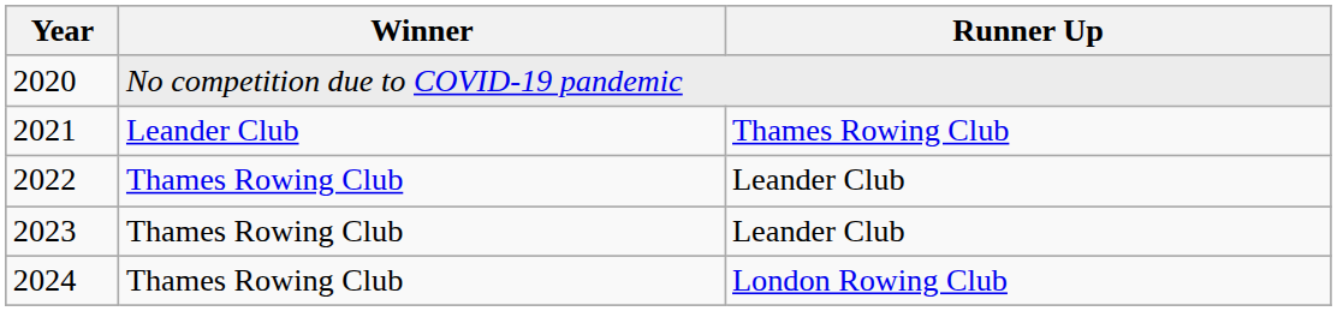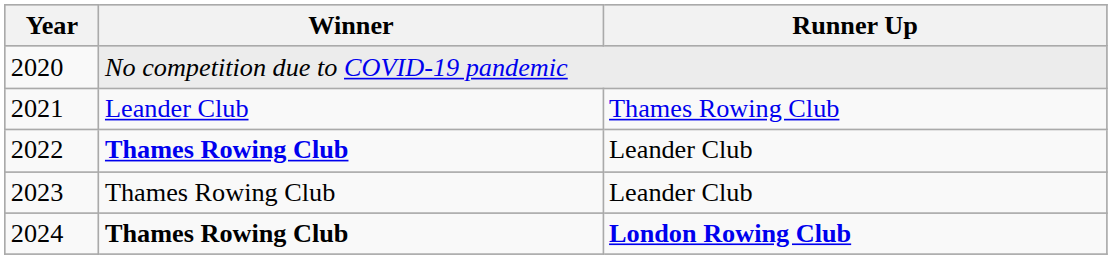 <table class="wikitable">
 <tr>
 <th width=50>Year</th>
 <th width=300>Winner</th>
 <th width=300>Runner Up</th>
 </tr>
 <tr>
 <td>2020</td>
 <td colspan=4 bgcolor="ececec"><em>No competition due to <a href='#'>COVID-19 pandemic</a></em></td>
 </tr>
 <tr>
 <td>2021</td>
 <td><a href='#'>Leander Club</a></td>
 <td><a href='#'>Thames Rowing Club</a></td>
 </tr>
 <tr>
 <td>2022</td>
-<td><a href='#'>Thames Rowing Club</a></td>
+<td><strong><a href='#'>Thames Rowing Club</a></strong></td>
 <td>Leander Club</td>
 </tr>
 <tr>
 <td>2023</td>
 <td>Thames Rowing Club</td>
 <td>Leander Club</td>
 </tr>
 <tr>
 <td>2024</td>
-<td>Thames Rowing Club</td>
-<td><a href='#'>London Rowing Club</a></td>
+<td><strong>Thames Rowing Club</strong></td>
+<td><strong><a href='#'>London Rowing Club</a></strong></td>
 </tr>
 </table>
